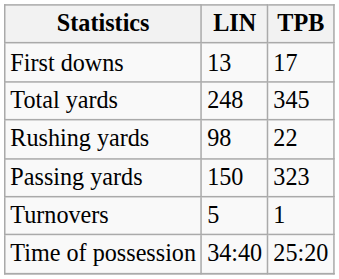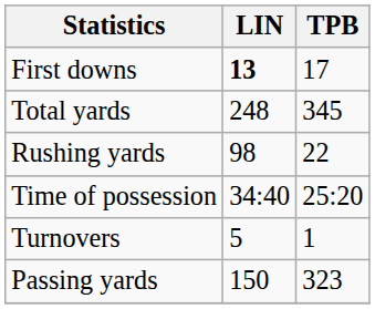 <table class="wikitable" style="float: left;">
 <tr>
 <th>Statistics</th>
 <th>LIN</th>
 <th>TPB</th>
 </tr>
 <tr>
 <td>First downs</td>
-<td>13</td>
+<td><strong>13</strong></td>
 <td>17</td>
 </tr>
 <tr>
 <td>Total yards</td>
 <td>248</td>
 <td>345</td>
 </tr>
 <tr>
 <td>Rushing yards</td>
 <td>98</td>
 <td>22</td>
 </tr>
 <tr>
-<td>Passing yards</td>
-<td>150</td>
-<td>323</td>
+<td>Time of possession</td>
+<td>34:40</td>
+<td>25:20</td>
 </tr>
 <tr>
 <td>Turnovers</td>
 <td>5</td>
 <td>1</td>
 </tr>
 <tr>
-<td>Time of possession</td>
-<td>34:40</td>
-<td>25:20</td>
+<td>Passing yards</td>
+<td>150</td>
+<td>323</td>
 </tr>
 <tr>
 </tr>
 </table>
